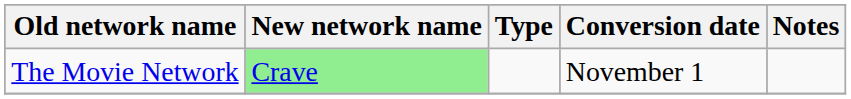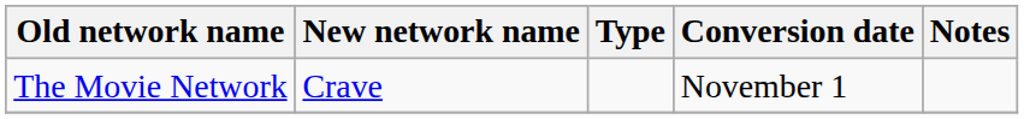 <table class="wikitable">
 <tr>
 <th>Old network name</th>
 <th>New network name</th>
 <th>Type</th>
 <th>Conversion date</th>
 <th>Notes</th>
 </tr>
 <tr>
 <td><a href='#'>The Movie Network</a></td>
-<td style="background: lightgreen;"><a href='#'>Crave</a></td>
+<td><a href='#'>Crave</a></td>
 <td></td>
 <td>November 1</td>
 <td></td>
 </tr>
 <tr>
 </tr>
 </table>
